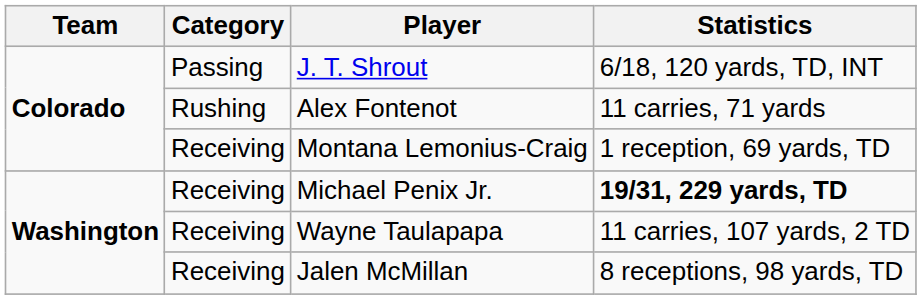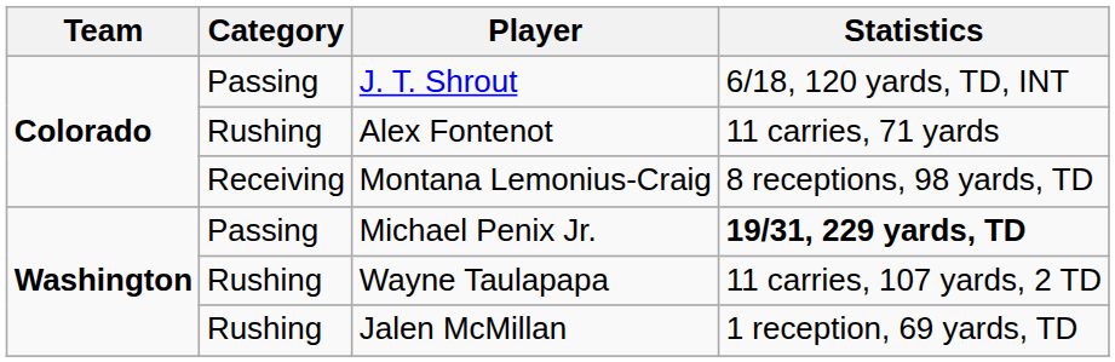 <table class="wikitable" style="float: right;">
 <tr>
 <th>Team</th>
 <th>Category</th>
 <th>Player</th>
 <th>Statistics</th>
 </tr>
 <tr>
 <td rowspan=3><strong>Colorado</strong></td>
 <td>Passing</td>
 <td><a href='#'>J. T. Shrout</a></td>
 <td>6/18, 120 yards, TD, INT</td>
 </tr>
 <tr>
 <td>Rushing</td>
 <td>Alex Fontenot</td>
 <td>11 carries, 71 yards</td>
 </tr>
 <tr>
 <td>Receiving</td>
 <td>Montana Lemonius-Craig</td>
-<td>1 reception, 69 yards, TD</td>
+<td>8 receptions, 98 yards, TD</td>
 </tr>
 <tr>
 <td rowspan=3><strong>Washington</strong></td>
-<td>Receiving</td>
+<td>Passing</td>
 <td>Michael Penix Jr.</td>
 <td><strong>19/31, 229 yards, TD</strong></td>
 </tr>
 <tr>
-<td>Receiving</td>
+<td>Rushing</td>
 <td>Wayne Taulapapa</td>
 <td>11 carries, 107 yards, 2 TD</td>
 </tr>
 <tr>
-<td>Receiving</td>
+<td>Rushing</td>
 <td>Jalen McMillan</td>
-<td>8 receptions, 98 yards, TD</td>
+<td>1 reception, 69 yards, TD</td>
 </tr>
 </table>
